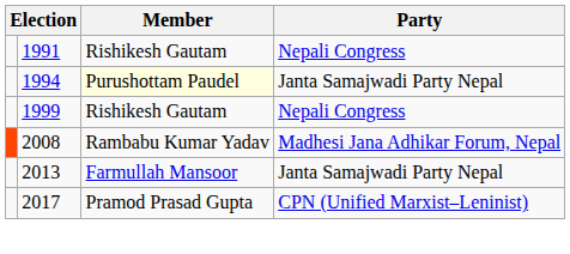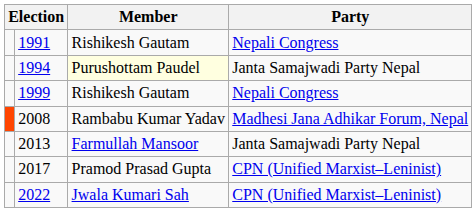 <table class="wikitable">
 <tr>
 <th colspan="2">Election</th>
 <th>Member</th>
 <th>Party</th>
 </tr>
 <tr>
 <td style="background-color:"></td>
 <td><a href='#'>1991</a></td>
 <td>Rishikesh Gautam</td>
 <td><a href='#'>Nepali Congress</a></td>
 </tr>
 <tr>
 <td style="background-color:"></td>
 <td><a href='#'>1994</a></td>
 <td style="background: lightyellow;">Purushottam Paudel</td>
 <td>Janta Samajwadi Party Nepal</td>
 </tr>
 <tr>
 <td style="background-color:"></td>
 <td><a href='#'>1999</a></td>
 <td>Rishikesh Gautam</td>
 <td><a href='#'>Nepali Congress</a></td>
 </tr>
 <tr>
 <td style="background-color:orangered"></td>
 <td>2008</td>
 <td>Rambabu Kumar Yadav</td>
 <td><a href='#'>Madhesi Jana Adhikar Forum, Nepal</a></td>
 </tr>
 <tr>
 <td style="background-color:"></td>
 <td>2013</td>
 <td><a href='#'>Farmullah Mansoor</a></td>
 <td>Janta Samajwadi Party Nepal</td>
 </tr>
 <tr>
 <td></td>
 <td>2017</td>
 <td>Pramod Prasad Gupta</td>
 <td><a href='#'>CPN (Unified Marxist–Leninist)</a></td>
 </tr>
 <tr>
+<td style="background-color:"></td>
+<td><a href='#'>2022</a></td>
+<td><a href='#'>Jwala Kumari Sah</a></td>
+<td><a href='#'>CPN (Unified Marxist–Leninist)</a></td>
+</tr>
+<tr>
 </tr>
 </table>
